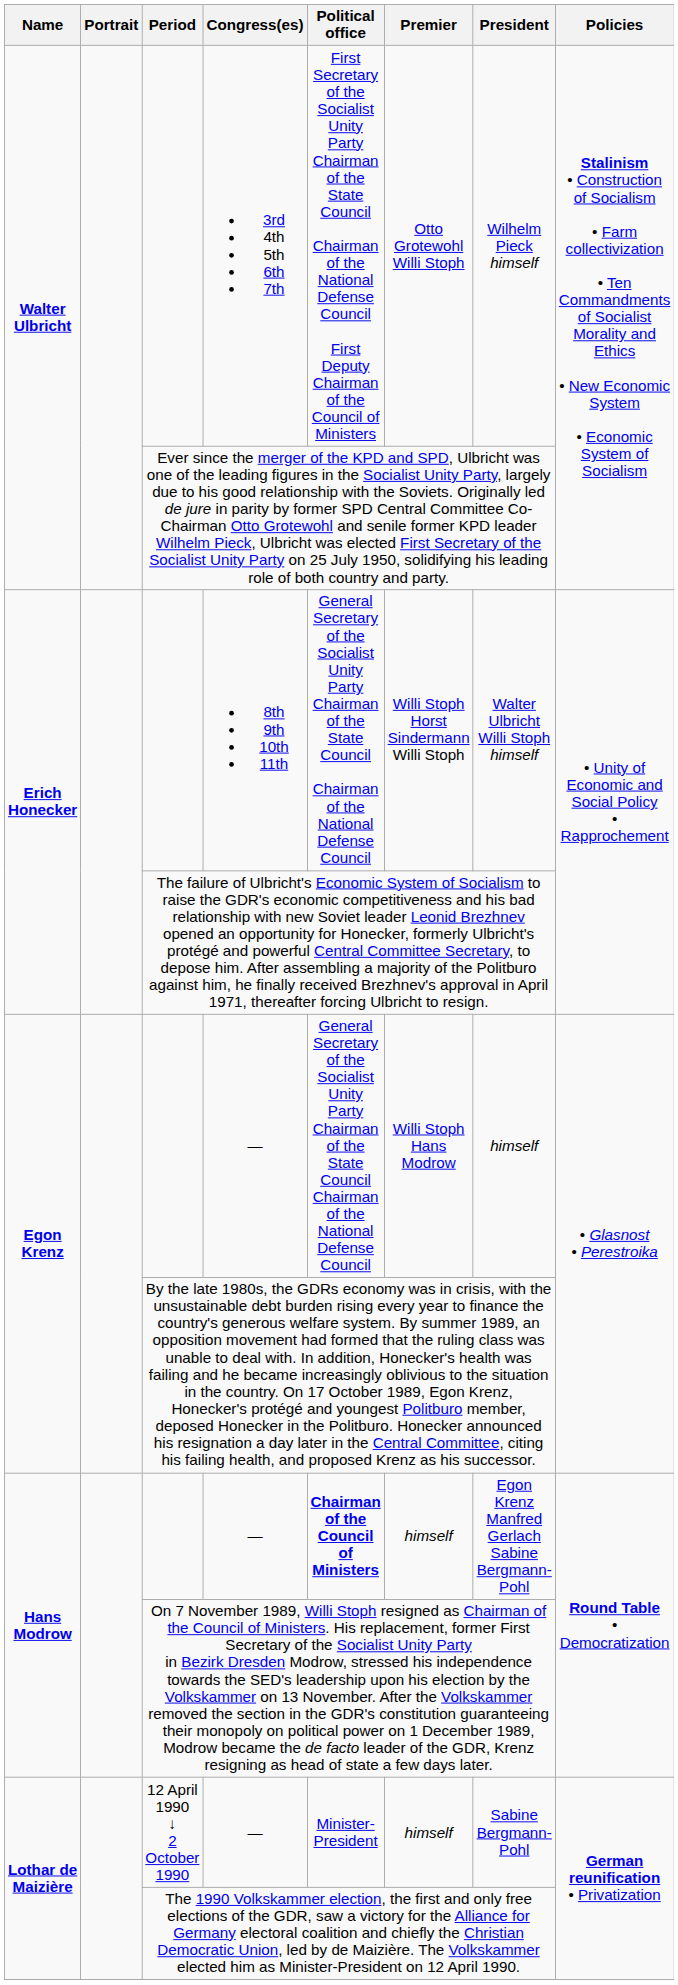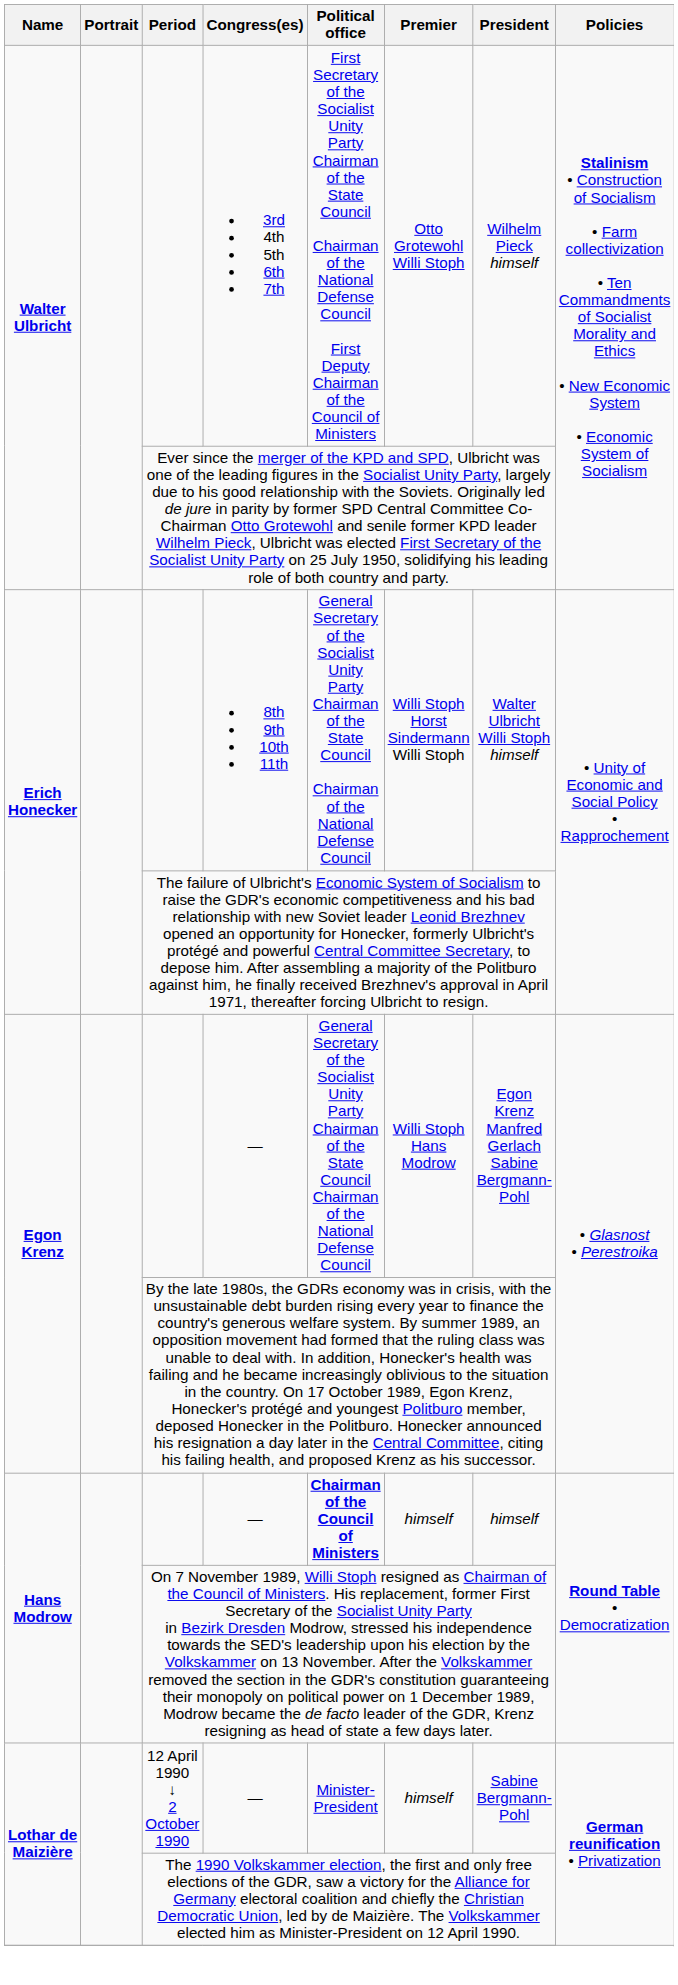 <table class="wikitable" style="text-align:center; width:100%;">
 <tr>
 <th scope="col" style="width:11em;">Name<br></th>
 <th scope="col">Portrait</th>
 <th scope="col" style="width:10em;">Period</th>
 <th scope="col">Congress(es)</th>
 <th scope="col" style="width:11.5em;">Political office</th>
 <th>Premier</th>
 <th>President</th>
 <th scope="col" style="width:14.1em;">Policies</th>
 </tr>
 <tr>
 <td rowspan="2"><strong><a href='#'>Walter Ulbricht</a></strong><br></td>
 <td rowspan="2"></td>
 <td></td>
 <td><br><ul><li><a href='#'>3rd</a></li><li>4th</li><li>5th</li><li><a href='#'>6th</a></li><li><a href='#'>7th</a></li></ul></td>
 <td><a href='#'>First Secretary of the Socialist Unity Party</a><br><a href='#'>Chairman of the State Council</a><br><br><a href='#'>Chairman of the National Defense Council</a><br><br><a href='#'>First Deputy Chairman of the Council of Ministers</a></td>
 <td><a href='#'>Otto Grotewohl</a><br><a href='#'>Willi Stoph</a></td>
 <td><a href='#'>Wilhelm Pieck</a><br><em>himself</em></td>
 <td rowspan="2"><strong><a href='#'>Stalinism</a></strong><br>• <a href='#'>Construction of Socialism</a><br> <br>• <a href='#'>Farm collectivization</a><br> <br>• <a href='#'>Ten Commandments of Socialist Morality and Ethics</a><br> <br>• <a href='#'>New Economic System</a><br> <br>• <a href='#'>Economic System of Socialism</a> </td>
 </tr>
 <tr>
 <td colspan="5">Ever since the <a href='#'>merger of the KPD and SPD</a>, Ulbricht was one of the leading figures in the <a href='#'>Socialist Unity Party</a>, largely due to his good relationship with the Soviets. Originally led <em>de jure</em> in parity by former SPD Central Committee Co-Chairman <a href='#'>Otto Grotewohl</a> and senile former KPD leader <a href='#'>Wilhelm Pieck</a>, Ulbricht was elected <a href='#'>First Secretary of the Socialist Unity Party</a> on 25 July 1950, solidifying his leading role of both country and party.</td>
 </tr>
 <tr>
 <td rowspan="2"><strong><a href='#'>Erich Honecker</a></strong><br></td>
 <td rowspan="2"></td>
 <td></td>
 <td><br><ul><li><a href='#'>8th</a></li><li><a href='#'>9th</a></li><li><a href='#'>10th</a></li><li><a href='#'>11th</a></li></ul></td>
 <td><a href='#'>General Secretary of the Socialist Unity Party</a><br><a href='#'>Chairman of the State Council</a><br><br><a href='#'>Chairman of the National Defense Council</a></td>
 <td><a href='#'>Willi Stoph</a><br><a href='#'>Horst Sindermann</a><br>Willi Stoph</td>
 <td><a href='#'>Walter Ulbricht</a><br><a href='#'>Willi Stoph</a><br><em>himself</em></td>
 <td rowspan="2">• <a href='#'>Unity of Economic and Social Policy</a>  <br>• <a href='#'>Rapprochement</a> </td>
 </tr>
 <tr>
 <td colspan="5">The failure of Ulbricht's <a href='#'>Economic System of Socialism</a> to raise the GDR's economic competitiveness and his bad relationship with new Soviet leader <a href='#'>Leonid Brezhnev</a> opened an opportunity for Honecker, formerly Ulbricht's protégé and powerful <a href='#'>Central Committee Secretary</a>, to depose him. After assembling a majority of the Politburo against him, he finally received Brezhnev's approval in April 1971, thereafter forcing Ulbricht to resign.</td>
 </tr>
 <tr>
 <td rowspan="2"><strong><a href='#'>Egon Krenz</a></strong><br></td>
 <td rowspan="2"></td>
 <td></td>
 <td>—</td>
 <td><a href='#'>General Secretary of the Socialist Unity Party</a><br><a href='#'>Chairman of the State Council</a><br><a href='#'>Chairman of the National Defense Council</a></td>
 <td><a href='#'>Willi Stoph</a><br><a href='#'>Hans Modrow</a></td>
-<td><em>himself</em></td>
+<td><a href='#'>Egon Krenz</a><br><a href='#'>Manfred Gerlach</a><br><a href='#'>Sabine Bergmann-Pohl</a> </td>
 <td rowspan="2">• <em><a href='#'>Glasnost</a></em> <br>• <em><a href='#'>Perestroika</a></em></td>
 </tr>
 <tr>
 <td colspan="5">By the late 1980s, the GDRs economy was in crisis, with the unsustainable debt burden rising every year to finance the country's generous welfare system. By summer 1989, an opposition movement had formed that the ruling class was unable to deal with. In addition, Honecker's health was failing and he became increasingly oblivious to the situation in the country. On 17 October 1989, Egon Krenz, Honecker's protégé and youngest <a href='#'>Politburo</a> member, deposed Honecker in the Politburo. Honecker announced his resignation a day later in the <a href='#'>Central Committee</a>, citing his failing health, and proposed Krenz as his successor.</td>
 </tr>
 <tr>
 <td rowspan="2"><strong><a href='#'>Hans Modrow</a></strong><br></td>
 <td rowspan="2"></td>
 <td></td>
 <td>—</td>
 <td><strong><a href='#'>Chairman of the Council of Ministers</a></strong></td>
 <td><em>himself</em></td>
-<td><a href='#'>Egon Krenz</a><br><a href='#'>Manfred Gerlach</a><br><a href='#'>Sabine Bergmann-Pohl</a> </td>
+<td><em>himself</em></td>
 <td rowspan="2"><strong><a href='#'>Round Table</a></strong><br>• <a href='#'>Democratization</a></td>
 </tr>
 <tr>
 <td colspan="5">On 7 November 1989, <a href='#'>Willi Stoph</a> resigned as <a href='#'>Chairman of the Council of Ministers</a>. His replacement, former First Secretary of the <a href='#'>Socialist Unity Party</a><br>in <a href='#'>Bezirk Dresden</a> Modrow, stressed his independence towards the SED's leadership upon his election by the <a href='#'>Volkskammer</a> on 13 November. After the <a href='#'>Volkskammer</a> removed the section in the GDR's constitution guaranteeing their monopoly on political power on 1 December 1989, Modrow became the <em>de facto</em> leader of the GDR, Krenz resigning as head of state a few days later.</td>
 </tr>
 <tr>
 <td rowspan="2"><strong><a href='#'>Lothar de Maizière</a></strong><br></td>
 <td rowspan="2"></td>
 <td {{nowrap>12 April 1990<br>↓<br><a href='#'>2 October 1990</a></td>
 <td>—</td>
 <td><a href='#'>Minister-President</a></td>
 <td><em>himself</em></td>
 <td><a href='#'>Sabine Bergmann-Pohl</a> </td>
 <td rowspan="6"><strong><a href='#'>German reunification</a></strong><br>• <a href='#'>Privatization</a></td>
 </tr>
 <tr>
 <td colspan="5">The <a href='#'>1990 Volkskammer election</a>, the first and only free elections of the GDR, saw a victory for the <a href='#'>Alliance for Germany</a> electoral coalition and chiefly the <a href='#'>Christian Democratic Union</a>, led by de Maizière. The <a href='#'>Volkskammer</a> elected him as Minister-President on 12 April 1990.</td>
 </tr>
 <tr>
 </tr>
 </table>
